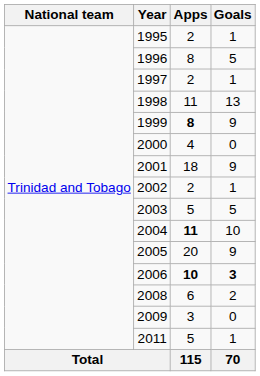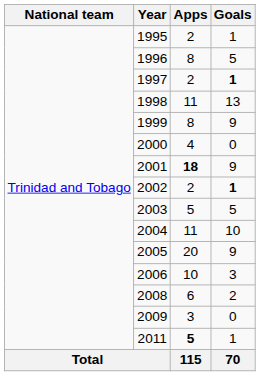 <table class=wikitable style=text-align:center>
 <tr>
 <th>National team</th>
 <th>Year</th>
 <th>Apps</th>
 <th>Goals</th>
 </tr>
 <tr>
 <td rowspan=15><a href='#'>Trinidad and Tobago</a></td>
 <td>1995</td>
 <td>2</td>
 <td>1</td>
 </tr>
 <tr>
 <td>1996</td>
 <td>8</td>
 <td>5</td>
 </tr>
 <tr>
 <td>1997</td>
 <td>2</td>
-<td>1</td>
+<td><strong>1</strong></td>
 </tr>
 <tr>
 <td>1998</td>
 <td>11</td>
 <td>13</td>
 </tr>
 <tr>
 <td>1999</td>
-<td><strong>8</strong></td>
+<td>8</td>
 <td>9</td>
 </tr>
 <tr>
 <td>2000</td>
 <td>4</td>
 <td>0</td>
 </tr>
 <tr>
 <td>2001</td>
-<td>18</td>
+<td><strong>18</strong></td>
 <td>9</td>
 </tr>
 <tr>
 <td>2002</td>
 <td>2</td>
-<td>1</td>
+<td><strong>1</strong></td>
 </tr>
 <tr>
 <td>2003</td>
 <td>5</td>
 <td>5</td>
 </tr>
 <tr>
 <td>2004</td>
-<td><strong>11</strong></td>
+<td>11</td>
 <td>10</td>
 </tr>
 <tr>
 <td>2005</td>
 <td>20</td>
 <td>9</td>
 </tr>
 <tr>
 <td>2006</td>
-<td><strong>10</strong></td>
-<td><strong>3</strong></td>
+<td>10</td>
+<td>3</td>
 </tr>
 <tr>
 <td>2008</td>
 <td>6</td>
 <td>2</td>
 </tr>
 <tr>
 <td>2009</td>
 <td>3</td>
 <td>0</td>
 </tr>
 <tr>
 <td>2011</td>
-<td>5</td>
+<td><strong>5</strong></td>
 <td>1</td>
 </tr>
 <tr>
 <th colspan=2>Total</th>
 <th>115</th>
 <th>70</th>
 </tr>
 </table>
